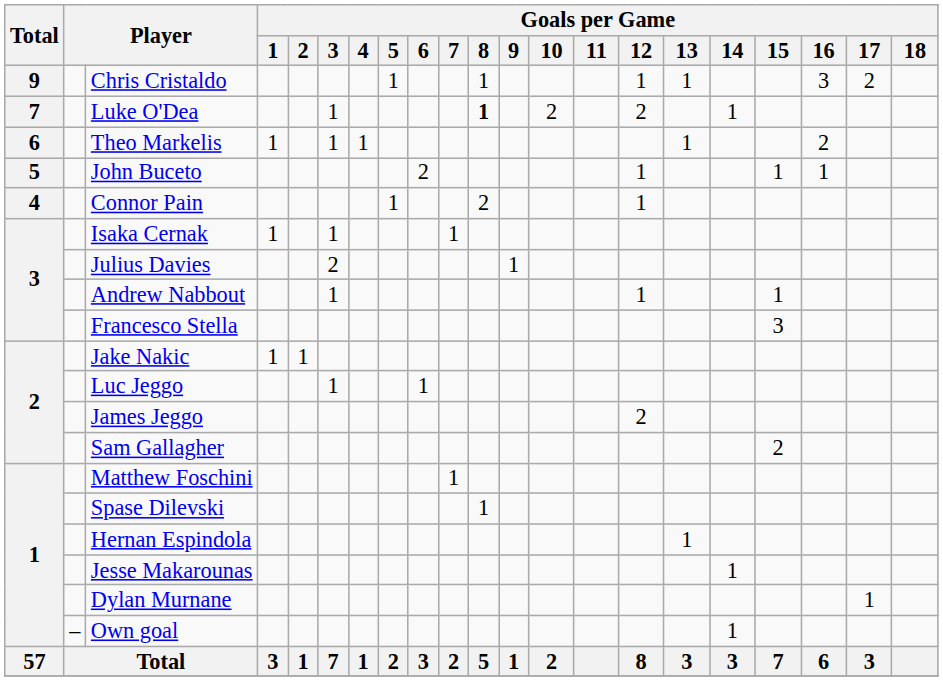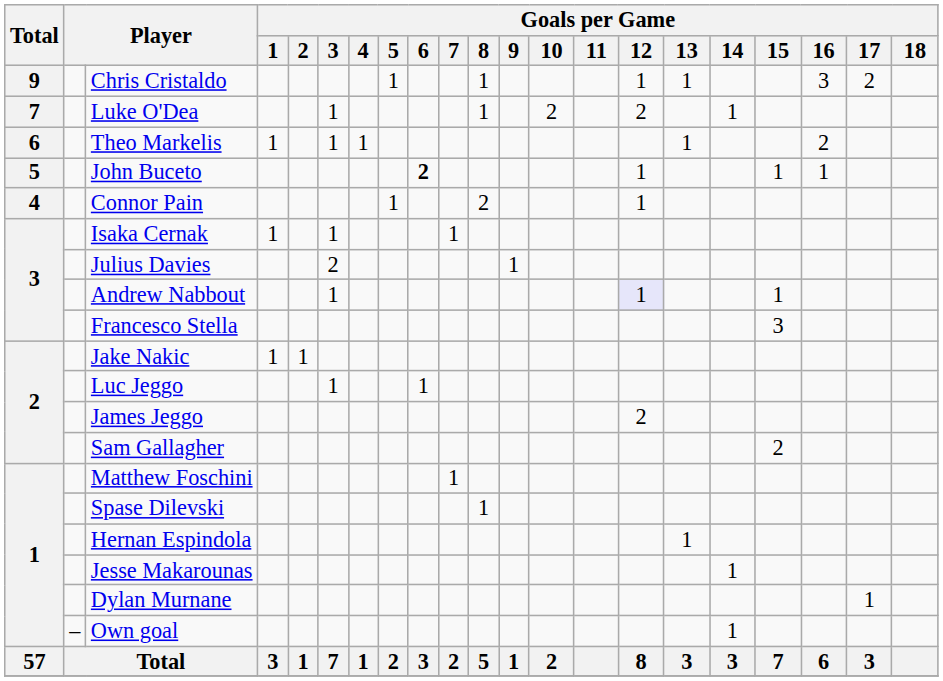 <table class="wikitable" style="text-align:center; line-height: 90%; font-size:90%;">
 <tr>
 <th rowspan=2>Total</th>
 <th rowspan=2 colspan=2>Player</th>
 <th colspan="18" style="width:432px;">Goals per Game</th>
 </tr>
 <tr>
 <th>1</th>
 <th>2</th>
 <th>3</th>
 <th>4</th>
 <th>5</th>
 <th>6</th>
 <th>7</th>
 <th>8</th>
 <th>9</th>
 <th>10</th>
 <th>11</th>
 <th>12</th>
 <th>13</th>
 <th>14</th>
 <th>15</th>
 <th>16</th>
 <th>17</th>
 <th>18</th>
 </tr>
 <tr>
 <th rowspan="1">9</th>
 <td></td>
 <td style="text-align:left;"><a href='#'>Chris Cristaldo</a></td>
 <td></td>
 <td></td>
 <td></td>
 <td></td>
 <td>1</td>
 <td></td>
 <td></td>
 <td>1</td>
 <td></td>
 <td></td>
 <td></td>
 <td>1</td>
 <td>1</td>
 <td></td>
 <td></td>
 <td>3</td>
 <td>2</td>
 <td></td>
 </tr>
 <tr>
 <th rowspan="1">7</th>
 <td></td>
 <td style="text-align:left;"><a href='#'>Luke O'Dea</a></td>
 <td></td>
 <td></td>
 <td>1</td>
 <td></td>
 <td></td>
 <td></td>
 <td></td>
-<td><strong>1</strong></td>
+<td>1</td>
 <td></td>
 <td>2</td>
 <td></td>
 <td>2</td>
 <td></td>
 <td>1</td>
 <td></td>
 <td></td>
 <td></td>
 <td></td>
 </tr>
 <tr>
 <th rowspan="1">6</th>
 <td></td>
 <td style="text-align:left;"><a href='#'>Theo Markelis</a></td>
 <td>1</td>
 <td></td>
 <td>1</td>
 <td>1</td>
 <td></td>
 <td></td>
 <td></td>
 <td></td>
 <td></td>
 <td></td>
 <td></td>
 <td></td>
 <td>1</td>
 <td></td>
 <td></td>
 <td>2</td>
 <td></td>
 <td></td>
 </tr>
 <tr>
 <th rowspan="1">5</th>
 <td></td>
 <td style="text-align:left;"><a href='#'>John Buceto</a></td>
 <td></td>
 <td></td>
 <td></td>
 <td></td>
 <td></td>
-<td>2</td>
+<td><strong>2</strong></td>
 <td></td>
 <td></td>
 <td></td>
 <td></td>
 <td></td>
 <td>1</td>
 <td></td>
 <td></td>
 <td>1</td>
 <td>1</td>
 <td></td>
 <td></td>
 </tr>
 <tr>
 <th rowspan="1">4</th>
 <td></td>
 <td style="text-align:left;"><a href='#'>Connor Pain</a></td>
 <td></td>
 <td></td>
 <td></td>
 <td></td>
 <td>1</td>
 <td></td>
 <td></td>
 <td>2</td>
 <td></td>
 <td></td>
 <td></td>
 <td>1</td>
 <td></td>
 <td></td>
 <td></td>
 <td></td>
 <td></td>
 <td></td>
 </tr>
 <tr>
 <th rowspan="4">3</th>
 <td></td>
 <td style="text-align:left;"><a href='#'>Isaka Cernak</a></td>
 <td>1</td>
 <td></td>
 <td>1</td>
 <td></td>
 <td></td>
 <td></td>
 <td>1</td>
 <td></td>
 <td></td>
 <td></td>
 <td></td>
 <td></td>
 <td></td>
 <td></td>
 <td></td>
 <td></td>
 <td></td>
 <td></td>
 </tr>
 <tr>
 <td></td>
 <td style="text-align:left;"><a href='#'>Julius Davies</a></td>
 <td></td>
 <td></td>
 <td>2</td>
 <td></td>
 <td></td>
 <td></td>
 <td></td>
 <td></td>
 <td>1</td>
 <td></td>
 <td></td>
 <td></td>
 <td></td>
 <td></td>
 <td></td>
 <td></td>
 <td></td>
 <td></td>
 </tr>
 <tr>
 <td></td>
 <td style="text-align:left;"><a href='#'>Andrew Nabbout</a></td>
 <td></td>
 <td></td>
 <td>1</td>
 <td></td>
 <td></td>
 <td></td>
 <td></td>
 <td></td>
 <td></td>
 <td></td>
 <td></td>
-<td>1</td>
+<td style="background: lavender;">1</td>
 <td></td>
 <td></td>
 <td>1</td>
 <td></td>
 <td></td>
 <td></td>
 </tr>
 <tr>
 <td></td>
 <td style="text-align:left;"><a href='#'>Francesco Stella</a></td>
 <td></td>
 <td></td>
 <td></td>
 <td></td>
 <td></td>
 <td></td>
 <td></td>
 <td></td>
 <td></td>
 <td></td>
 <td></td>
 <td></td>
 <td></td>
 <td></td>
 <td>3</td>
 <td></td>
 <td></td>
 <td></td>
 </tr>
 <tr>
 <th rowspan="4">2</th>
 <td></td>
 <td style="text-align:left;"><a href='#'>Jake Nakic</a></td>
 <td>1</td>
 <td>1</td>
 <td></td>
 <td></td>
 <td></td>
 <td></td>
 <td></td>
 <td></td>
 <td></td>
 <td></td>
 <td></td>
 <td></td>
 <td></td>
 <td></td>
 <td></td>
 <td></td>
 <td></td>
 <td></td>
 </tr>
 <tr>
 <td></td>
 <td style="text-align:left;"><a href='#'>Luc Jeggo</a></td>
 <td></td>
 <td></td>
 <td>1</td>
 <td></td>
 <td></td>
 <td>1</td>
 <td></td>
 <td></td>
 <td></td>
 <td></td>
 <td></td>
 <td></td>
 <td></td>
 <td></td>
 <td></td>
 <td></td>
 <td></td>
 <td></td>
 </tr>
 <tr>
 <td></td>
 <td style="text-align:left;"><a href='#'>James Jeggo</a></td>
 <td></td>
 <td></td>
 <td></td>
 <td></td>
 <td></td>
 <td></td>
 <td></td>
 <td></td>
 <td></td>
 <td></td>
 <td></td>
 <td>2</td>
 <td></td>
 <td></td>
 <td></td>
 <td></td>
 <td></td>
 <td></td>
 </tr>
 <tr>
 <td></td>
 <td style="text-align:left;"><a href='#'>Sam Gallagher</a></td>
 <td></td>
 <td></td>
 <td></td>
 <td></td>
 <td></td>
 <td></td>
 <td></td>
 <td></td>
 <td></td>
 <td></td>
 <td></td>
 <td></td>
 <td></td>
 <td></td>
 <td>2</td>
 <td></td>
 <td></td>
 <td></td>
 </tr>
 <tr>
 <th rowspan="6">1</th>
 <td></td>
 <td style="text-align:left;"><a href='#'>Matthew Foschini</a></td>
 <td></td>
 <td></td>
 <td></td>
 <td></td>
 <td></td>
 <td></td>
 <td>1</td>
 <td></td>
 <td></td>
 <td></td>
 <td></td>
 <td></td>
 <td></td>
 <td></td>
 <td></td>
 <td></td>
 <td></td>
 <td></td>
 </tr>
 <tr>
 <td></td>
 <td style="text-align:left;"><a href='#'>Spase Dilevski</a></td>
 <td></td>
 <td></td>
 <td></td>
 <td></td>
 <td></td>
 <td></td>
 <td></td>
 <td>1</td>
 <td></td>
 <td></td>
 <td></td>
 <td></td>
 <td></td>
 <td></td>
 <td></td>
 <td></td>
 <td></td>
 <td></td>
 </tr>
 <tr>
 <td></td>
 <td style="text-align:left;"><a href='#'>Hernan Espindola</a></td>
 <td></td>
 <td></td>
 <td></td>
 <td></td>
 <td></td>
 <td></td>
 <td></td>
 <td></td>
 <td></td>
 <td></td>
 <td></td>
 <td></td>
 <td>1</td>
 <td></td>
 <td></td>
 <td></td>
 <td></td>
 <td></td>
 </tr>
 <tr>
 <td></td>
 <td style="text-align:left;"><a href='#'>Jesse Makarounas</a></td>
 <td></td>
 <td></td>
 <td></td>
 <td></td>
 <td></td>
 <td></td>
 <td></td>
 <td></td>
 <td></td>
 <td></td>
 <td></td>
 <td></td>
 <td></td>
 <td>1</td>
 <td></td>
 <td></td>
 <td></td>
 <td></td>
 </tr>
 <tr>
 <td></td>
 <td style="text-align:left;"><a href='#'>Dylan Murnane</a></td>
 <td></td>
 <td></td>
 <td></td>
 <td></td>
 <td></td>
 <td></td>
 <td></td>
 <td></td>
 <td></td>
 <td></td>
 <td></td>
 <td></td>
 <td></td>
 <td></td>
 <td></td>
 <td></td>
 <td>1</td>
 <td></td>
 </tr>
 <tr>
 <td>–</td>
 <td style="text-align:left;"><a href='#'>Own goal</a></td>
 <td></td>
 <td></td>
 <td></td>
 <td></td>
 <td></td>
 <td></td>
 <td></td>
 <td></td>
 <td></td>
 <td></td>
 <td></td>
 <td></td>
 <td></td>
 <td>1</td>
 <td></td>
 <td></td>
 <td></td>
 <td></td>
 </tr>
 <tr>
 <th rowspan="1">57</th>
 <th colspan="2">Total</th>
 <th style="text-align:center;">3</th>
 <th>1</th>
 <th>7</th>
 <th>1</th>
 <th>2</th>
 <th>3</th>
 <th>2</th>
 <th>5</th>
 <th>1</th>
 <th>2</th>
 <th></th>
 <th>8</th>
 <th>3</th>
 <th>3</th>
 <th>7</th>
 <th>6</th>
 <th>3</th>
 <th></th>
 </tr>
 <tr>
 </tr>
 </table>
